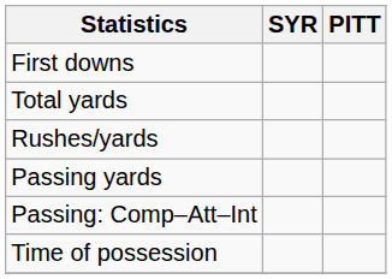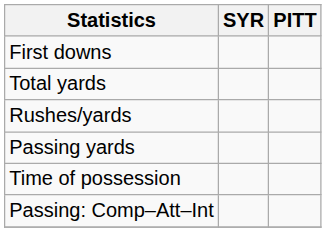 <table class="wikitable" style="float: left;">
 <tr>
 <th>Statistics</th>
 <th>SYR</th>
 <th>PITT</th>
 </tr>
 <tr>
 <td>First downs</td>
 <td></td>
 <td></td>
 </tr>
 <tr>
 <td>Total yards</td>
 <td></td>
 <td></td>
 </tr>
 <tr>
 <td>Rushes/yards</td>
 <td></td>
 <td></td>
 </tr>
 <tr>
 <td>Passing yards</td>
 <td></td>
 <td></td>
 </tr>
 <tr>
-<td>Passing: Comp–Att–Int</td>
+<td>Time of possession</td>
 <td></td>
 <td></td>
 </tr>
 <tr>
-<td>Time of possession</td>
+<td>Passing: Comp–Att–Int</td>
 <td></td>
 <td></td>
 </tr>
 <tr>
 </tr>
 </table>
